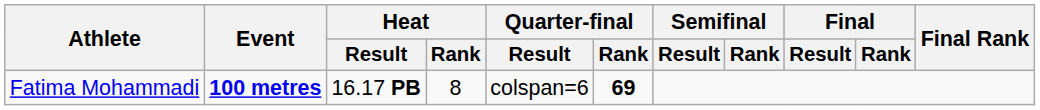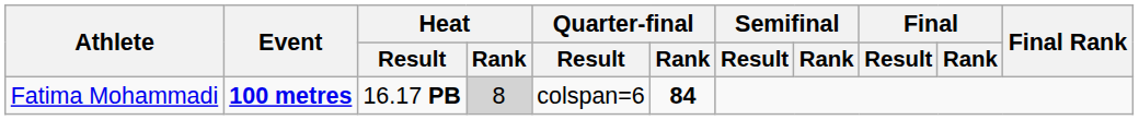 <table class="wikitable" style="font-size:90%">
 <tr>
 <th rowspan="2">Athlete</th>
 <th rowspan="2">Event</th>
 <th colspan="2">Heat</th>
 <th colspan="2">Quarter-final</th>
 <th colspan="2">Semifinal</th>
 <th colspan="2">Final</th>
 <th colspan="2" rowspan="2">Final Rank</th>
 </tr>
 <tr style="font-size:95%">
 <th>Result</th>
 <th>Rank</th>
 <th>Result</th>
 <th>Rank</th>
 <th>Result</th>
 <th>Rank</th>
 <th>Result</th>
 <th>Rank</th>
 </tr>
 <tr align=center>
 <td align=left><a href='#'>Fatima Mohammadi</a></td>
 <td align=left><strong><a href='#'>100 metres</a></strong></td>
 <td>16.17 <strong>PB</strong></td>
-<td>8</td>
+<td style="background: lightgrey;">8</td>
 <td>colspan=6 </td>
-<td><strong>69</strong></td>
+<td><strong>84</strong></td>
 </tr>
 </table>
